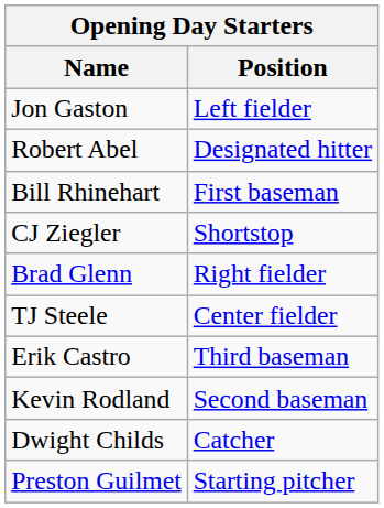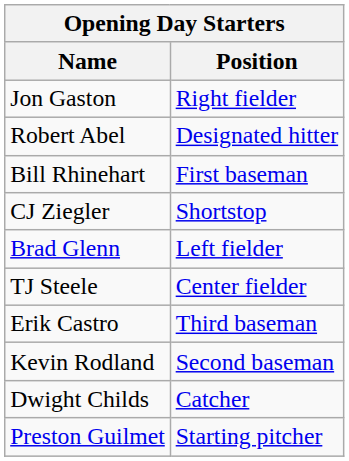 <table class="wikitable">
 <tr>
 <th colspan="2">Opening Day Starters</th>
 </tr>
 <tr>
 <th>Name</th>
 <th>Position</th>
 </tr>
 <tr>
 <td>Jon Gaston</td>
-<td><a href='#'>Left fielder</a></td>
+<td><a href='#'>Right fielder</a></td>
 </tr>
 <tr>
 <td>Robert Abel</td>
 <td><a href='#'>Designated hitter</a></td>
 </tr>
 <tr>
 <td>Bill Rhinehart</td>
 <td><a href='#'>First baseman</a></td>
 </tr>
 <tr>
 <td>CJ Ziegler</td>
 <td><a href='#'>Shortstop</a></td>
 </tr>
 <tr>
 <td><a href='#'>Brad Glenn</a></td>
-<td><a href='#'>Right fielder</a></td>
+<td><a href='#'>Left fielder</a></td>
 </tr>
 <tr>
 <td>TJ Steele</td>
 <td><a href='#'>Center fielder</a></td>
 </tr>
 <tr>
 <td>Erik Castro</td>
 <td><a href='#'>Third baseman</a></td>
 </tr>
 <tr>
 <td>Kevin Rodland</td>
 <td><a href='#'>Second baseman</a></td>
 </tr>
 <tr>
 <td>Dwight Childs</td>
 <td><a href='#'>Catcher</a></td>
 </tr>
 <tr>
 <td><a href='#'>Preston Guilmet</a></td>
 <td><a href='#'>Starting pitcher</a></td>
 </tr>
 </table>
